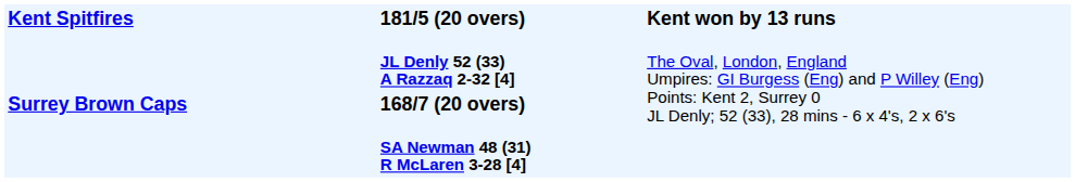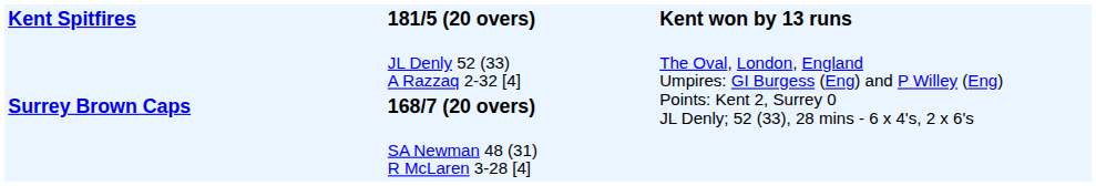 <table style="width:100%; background:#ebf5ff;">
 <tr>
 <td style="width:35%; vertical-align:top;" rowspan="2"><strong><a href='#'>Kent Spitfires</a></strong></td>
 <td style="width:25%;"><strong>181/5 (20 overs)</strong></td>
 <td style="width:40%;"><strong>Kent won by 13 runs</strong></td>
 </tr>
 <tr>
-<td style="font-size: 85%;"><strong><br><a href='#'>JL Denly</a> 52 (33)<br> <a href='#'>A Razzaq</a> 2-32 [4]</strong></td>
+<td style="font-size: 85%;"><br><a href='#'>JL Denly</a> 52 (33)<br> <a href='#'>A Razzaq</a> 2-32 [4]</td>
 <td style="vertical-align:top; font-size:85%;" rowspan="3"><br><a href='#'>The Oval</a>, <a href='#'>London</a>, <a href='#'>England</a><br> Umpires: <a href='#'>GI Burgess</a> (<a href='#'>Eng</a>) and <a href='#'>P Willey</a> (<a href='#'>Eng</a>)<br> Points: Kent 2, Surrey 0<br>JL Denly; 52 (33), 28 mins - 6 x 4's, 2 x 6's</td>
 </tr>
 <tr>
 <td style="vertical-align:top;" rowspan="2"><strong><a href='#'>Surrey Brown Caps</a></strong></td>
 <td><strong>168/7 (20 overs)</strong></td>
 </tr>
 <tr>
-<td style="font-size: 85%;"><strong><br><a href='#'>SA Newman</a> 48 (31)<br> <a href='#'>R McLaren</a> 3-28 [4]</strong></td>
+<td style="font-size: 85%;"><br><a href='#'>SA Newman</a> 48 (31)<br> <a href='#'>R McLaren</a> 3-28 [4]</td>
 </tr>
 </table>
